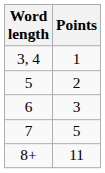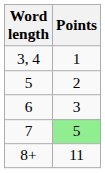 <table class=wikitable style="text-align:center">
 <tr>
 <th>Word<br> length</th>
 <th>Points</th>
 </tr>
 <tr>
 <td>3, 4</td>
 <td>1</td>
 </tr>
 <tr>
 <td>5</td>
 <td>2</td>
 </tr>
 <tr>
 <td>6</td>
 <td>3</td>
 </tr>
 <tr>
 <td>7</td>
-<td>5</td>
+<td style="background: lightgreen;">5</td>
 </tr>
 <tr>
 <td>8+</td>
 <td>11</td>
 </tr>
 </table>
